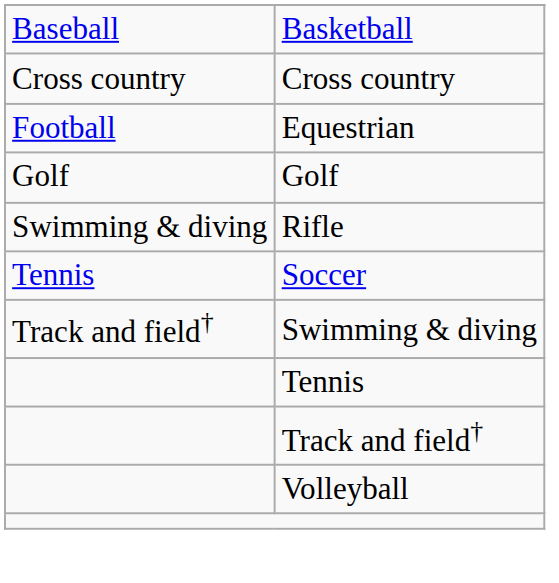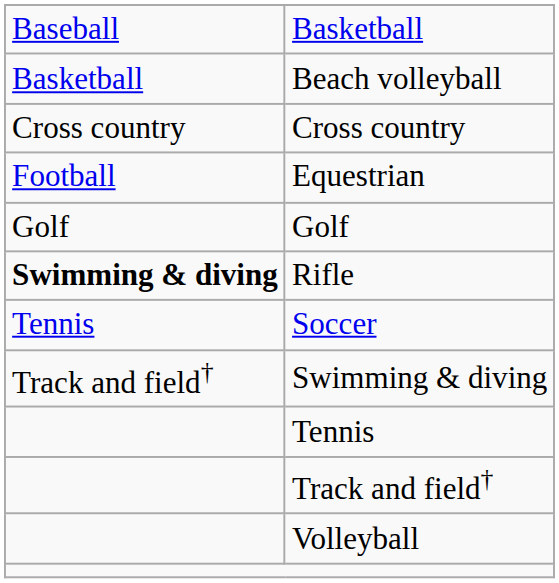 <table class="wikitable" style= " ">
 <tr>
 </tr>
 <tr>
 <td><a href='#'>Baseball</a></td>
 <td><a href='#'>Basketball</a></td>
+</tr>
+<tr>
+<td><a href='#'>Basketball</a></td>
+<td>Beach volleyball</td>
 </tr>
 <tr>
 <td>Cross country</td>
 <td>Cross country</td>
 </tr>
 <tr>
 <td><a href='#'>Football</a></td>
 <td>Equestrian</td>
 </tr>
 <tr>
 <td>Golf</td>
 <td>Golf</td>
 </tr>
 <tr>
-<td>Swimming & diving</td>
+<td><strong>Swimming & diving</strong></td>
 <td>Rifle</td>
 </tr>
 <tr>
 <td><a href='#'>Tennis</a></td>
 <td><a href='#'>Soccer</a></td>
 </tr>
 <tr>
 <td>Track and field<sup>†</sup></td>
 <td>Swimming & diving</td>
 </tr>
 <tr>
 <td></td>
 <td>Tennis</td>
 </tr>
 <tr>
 <td></td>
 <td>Track and field<sup>†</sup></td>
 </tr>
 <tr>
 <td></td>
 <td>Volleyball</td>
 </tr>
 <tr>
 <td colspan="2"></td>
 </tr>
 </table>
